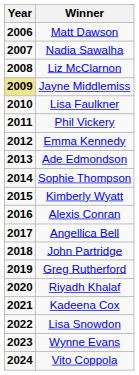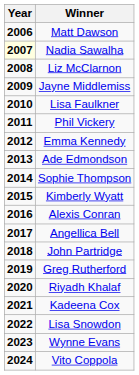 <table class="wikitable" style="text-align:center;">
 <tr>
 <th>Year</th>
 <th>Winner</th>
 </tr>
 <tr>
 <td><strong>2006</strong></td>
 <td><a href='#'>Matt Dawson</a></td>
 </tr>
 <tr>
-<td><strong>2007</strong></td>
+<td style="background: lightyellow;"><strong>2007</strong></td>
 <td><a href='#'>Nadia Sawalha</a></td>
 </tr>
 <tr>
 <td><strong>2008</strong></td>
 <td><a href='#'>Liz McClarnon</a></td>
 </tr>
 <tr>
-<td style="background: khaki;"><strong>2009</strong></td>
+<td><strong>2009</strong></td>
 <td><a href='#'>Jayne Middlemiss</a></td>
 </tr>
 <tr>
 <td><strong>2010</strong></td>
 <td><a href='#'>Lisa Faulkner</a></td>
 </tr>
 <tr>
 <td><strong>2011</strong></td>
 <td><a href='#'>Phil Vickery</a></td>
 </tr>
 <tr>
 <td><strong>2012</strong></td>
 <td><a href='#'>Emma Kennedy</a></td>
 </tr>
 <tr>
 <td><strong>2013</strong></td>
 <td><a href='#'>Ade Edmondson</a></td>
 </tr>
 <tr>
 <td><strong>2014</strong></td>
 <td><a href='#'>Sophie Thompson</a></td>
 </tr>
 <tr>
 <td><strong>2015</strong></td>
 <td><a href='#'>Kimberly Wyatt</a></td>
 </tr>
 <tr>
 <td><strong>2016</strong></td>
 <td><a href='#'>Alexis Conran</a></td>
 </tr>
 <tr>
 <td><strong>2017</strong></td>
 <td><a href='#'>Angellica Bell</a></td>
 </tr>
 <tr>
 <td><strong>2018</strong></td>
 <td><a href='#'>John Partridge</a></td>
 </tr>
 <tr>
 <td><strong>2019</strong></td>
 <td><a href='#'>Greg Rutherford</a></td>
 </tr>
 <tr>
 <td><strong>2020</strong></td>
 <td><a href='#'>Riyadh Khalaf</a></td>
 </tr>
 <tr>
 <td><strong>2021</strong></td>
 <td><a href='#'>Kadeena Cox</a></td>
 </tr>
 <tr>
 <td><strong>2022</strong></td>
 <td><a href='#'>Lisa Snowdon</a></td>
 </tr>
 <tr>
 <td><strong>2023</strong></td>
 <td><a href='#'>Wynne Evans</a></td>
 </tr>
 <tr>
 <td><strong>2024</strong></td>
 <td><a href='#'>Vito Coppola</a></td>
 </tr>
 </table>
